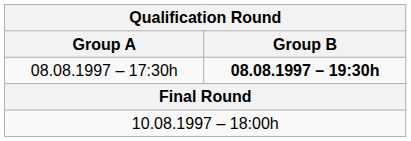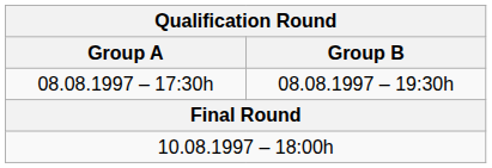 <table class="wikitable" style=" text-align:center; font-size:110%;" width="35%">
 <tr>
 <th colspan="2">Qualification Round</th>
 </tr>
 <tr>
 <th>Group A</th>
 <th>Group B</th>
 </tr>
 <tr>
 <td>08.08.1997 – 17:30h</td>
-<td><strong>08.08.1997 – 19:30h</strong></td>
+<td>08.08.1997 – 19:30h</td>
 </tr>
 <tr>
 <th colspan="2">Final Round</th>
 </tr>
 <tr>
 <td colspan="2">10.08.1997 – 18:00h</td>
 </tr>
 </table>
